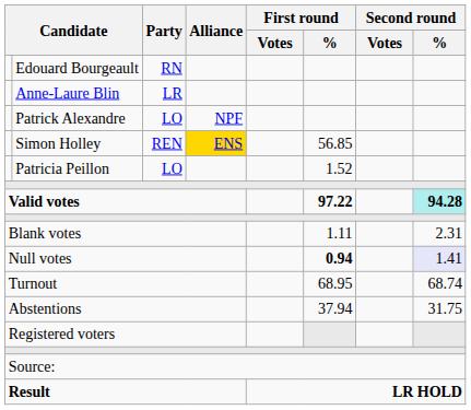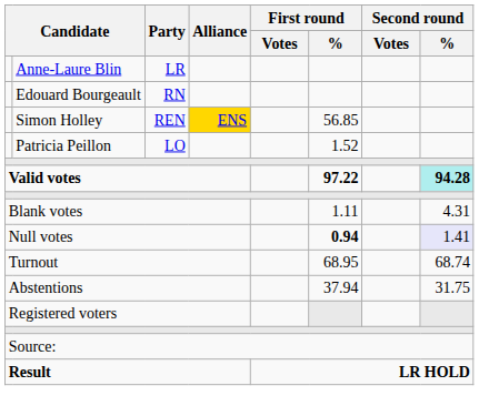 <table class="wikitable" style="text-align:right;font-size:95%;">
 <tr>
 <th colspan="2" rowspan="2">Candidate</th>
 <th colspan="1" rowspan="2">Party</th>
 <th colspan="1" rowspan="2">Alliance</th>
 <th colspan="2">First round</th>
 <th colspan="2">Second round</th>
 </tr>
 <tr>
 <th style="width:50px;">Votes</th>
 <th style="width:45px;">%</th>
 <th style="width:50px;">Votes</th>
 <th style="width:45px;">%</th>
 </tr>
 <tr>
 <td style="color:inherit;background:"></td>
-<td style="text-align:left;">Edouard Bourgeault</td>
-<td><a href='#'>RN</a></td>
-<td></td>
-<td></td>
-<td></td>
-<td></td>
-<td></td>
-</tr>
-<tr>
-<td style="color:inherit;background:"></td>
 <td style="text-align:left;"><a href='#'>Anne-Laure Blin</a></td>
 <td><a href='#'>LR</a></td>
 <td></td>
 <td></td>
 <td></td>
 <td><strong></strong></td>
 <td><strong></strong></td>
 </tr>
 <tr>
 <td style="color:inherit;background:"></td>
-<td style="text-align:left;">Patrick Alexandre</td>
-<td><a href='#'>LO</a></td>
-<td><a href='#'>NPF</a></td>
+<td style="text-align:left;">Edouard Bourgeault</td>
+<td><a href='#'>RN</a></td>
+<td></td>
 <td></td>
 <td></td>
 <td></td>
 <td></td>
 </tr>
 <tr>
 <td style="color:inherit;background:"></td>
 <td style="text-align:left;">Simon Holley</td>
 <td><a href='#'>REN</a></td>
 <td style="background: gold;"><a href='#'>ENS</a></td>
 <td></td>
 <td>56.85</td>
 <td></td>
 <td></td>
 </tr>
 <tr>
 <td style="color:inherit;background:"></td>
 <td style="text-align:left;">Patricia Peillon</td>
 <td><a href='#'>LO</a></td>
 <td></td>
 <td></td>
 <td>1.52</td>
 <td></td>
 <td></td>
 </tr>
 <tr>
 <td colspan="8" style="background:#E9E9E9;"></td>
 </tr>
 <tr style="font-weight:bold;">
 <td colspan="4" style="text-align:left;">Valid votes</td>
 <td></td>
 <td>97.22</td>
 <td></td>
 <td style="background: paleturquoise;">94.28</td>
 </tr>
 <tr>
 <td colspan="8" style="background:#E9E9E9;"></td>
 </tr>
 <tr>
 <td colspan="4" style="text-align:left;">Blank votes</td>
 <td></td>
 <td>1.11</td>
 <td></td>
-<td>2.31</td>
+<td>4.31</td>
 </tr>
 <tr>
 <td colspan="4" style="text-align:left;">Null votes</td>
 <td></td>
 <td><strong>0.94</strong></td>
 <td></td>
 <td style="background: lavender;">1.41</td>
 </tr>
 <tr>
 <td colspan="4" style="text-align:left;">Turnout</td>
 <td></td>
 <td>68.95</td>
 <td></td>
 <td>68.74</td>
 </tr>
 <tr>
 <td colspan="4" style="text-align:left;">Abstentions</td>
 <td></td>
 <td>37.94</td>
 <td></td>
 <td>31.75</td>
 </tr>
 <tr>
 <td colspan="4" style="text-align:left;">Registered voters</td>
 <td></td>
 <td style="background:#E9E9E9;"></td>
 <td></td>
 <td style="background:#E9E9E9;"></td>
 </tr>
 <tr>
 <td colspan="8" style="background:#E9E9E9;"></td>
 </tr>
 <tr>
 <td colspan="8" style="text-align:left;">Source: </td>
 </tr>
 <tr style="font-weight:bold">
 <td colspan="4" style="text-align:left;">Result</td>
 <td colspan="4" style="background-color:">LR HOLD</td>
 </tr>
 </table>
